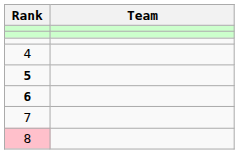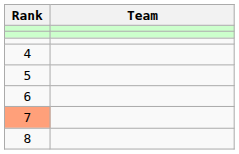 <table class="wikitable" style="text-align: center;">
 <tr>
 <th width=40>Rank</th>
 <th width=180>Team</th>
 </tr>
 <tr bgcolor=#CCFFCC>
 <td></td>
 <td style="text-align:left;"></td>
 </tr>
 <tr bgcolor=#CCFFCC>
 <td></td>
 <td style="text-align:left;"></td>
 </tr>
 <tr align=center>
 <td></td>
 <td style="text-align:left;"></td>
 </tr>
 <tr align=center>
 <td>4</td>
 <td style="text-align:left;"></td>
 </tr>
 <tr align=center>
-<td><strong>5</strong></td>
+<td>5</td>
 <td style="text-align:left;"></td>
 </tr>
 <tr align=center>
-<td><strong>6</strong></td>
+<td>6</td>
 <td style="text-align:left;"></td>
 </tr>
 <tr align=center>
-<td>7</td>
+<td style="background: lightsalmon;">7</td>
 <td style="text-align:left;"></td>
 </tr>
 <tr align=center>
-<td style="background: pink;">8</td>
+<td>8</td>
 <td style="text-align:left;"></td>
 </tr>
 </table>
